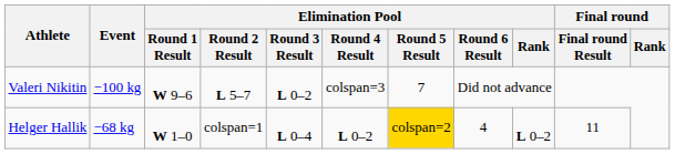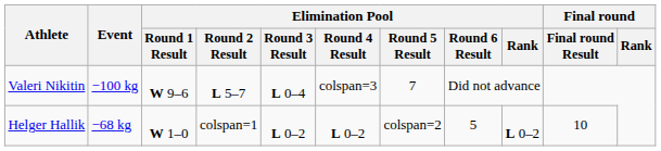 <table class="wikitable" style="font-size:90%">
 <tr>
 <th rowspan="2">Athlete</th>
 <th rowspan="2">Event</th>
 <th colspan=7>Elimination Pool</th>
 <th colspan=2>Final round</th>
 </tr>
 <tr style="font-size: 95%">
 <th>Round 1<br>Result</th>
 <th>Round 2<br>Result</th>
 <th>Round 3<br>Result</th>
 <th>Round 4<br>Result</th>
 <th>Round 5<br>Result</th>
 <th>Round 6<br>Result</th>
 <th>Rank</th>
 <th>Final round<br>Result</th>
 <th>Rank</th>
 </tr>
 <tr align=center>
 <td align=left><a href='#'>Valeri Nikitin</a></td>
 <td align=left><a href='#'>−100 kg</a></td>
 <td><br><strong>W</strong> 9–6</td>
 <td><br><strong>L</strong> 5–7</td>
-<td><br><strong>L</strong> 0–2</td>
+<td><br><strong>L</strong> 0–4</td>
 <td>colspan=3 </td>
 <td>7</td>
 <td colspan=2>Did not advance</td>
 </tr>
 <tr align=center>
 <td align=left><a href='#'>Helger Hallik</a></td>
 <td align=left><a href='#'>−68 kg</a></td>
 <td><br><strong>W</strong> 1–0</td>
 <td>colspan=1 </td>
-<td><br><strong>L</strong> 0–4</td>
 <td><br><strong>L</strong> 0–2</td>
-<td style="background: gold;">colspan=2 </td>
-<td>4</td>
 <td><br><strong>L</strong> 0–2</td>
-<td>11</td>
+<td>colspan=2 </td>
+<td>5</td>
+<td><br><strong>L</strong> 0–2</td>
+<td>10</td>
 </tr>
 </table>
